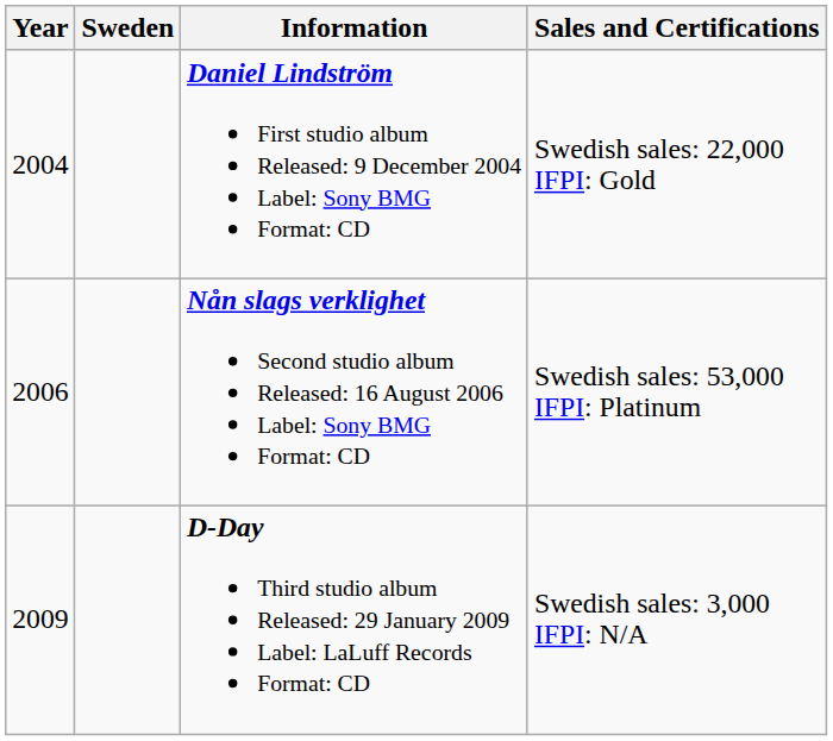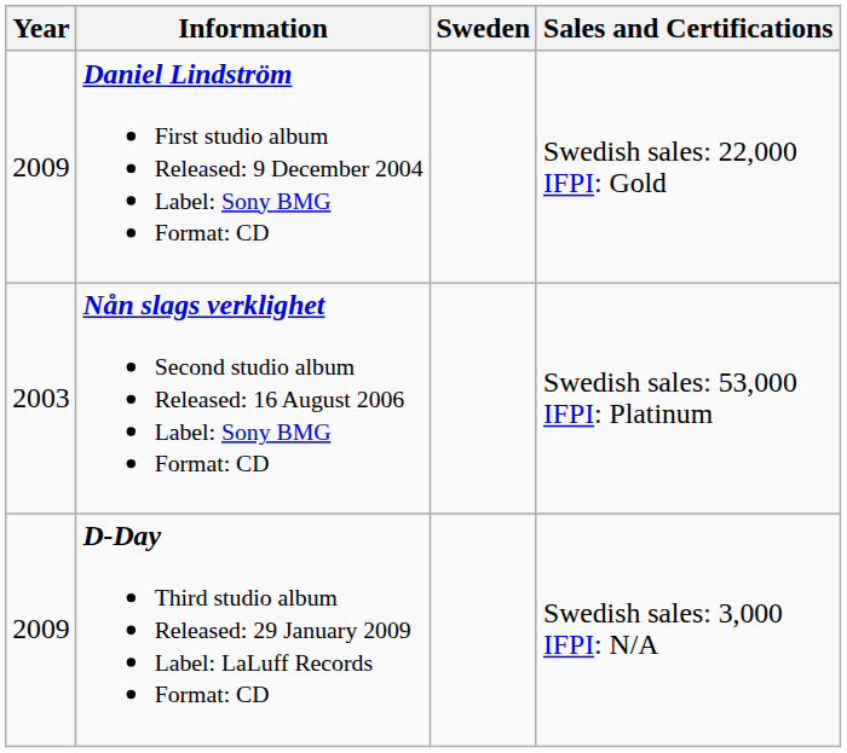 <table class="wikitable">
 <tr>
 <th style="text-align:center;">Year</th>
+<th style="text-align:center;">Information</th>
 <th style="text-align:center;">Sweden</th>
-<th style="text-align:center;">Information</th>
 <th style="text-align:center;">Sales and Certifications</th>
 </tr>
 <tr>
-<td>2004</td>
+<td>2009</td>
+<td><strong><em><a href='#'>Daniel Lindström</a></em></strong><br><ul><li><small>First studio album</small></li><li><small>Released: 9 December 2004</small></li><li><small>Label: <a href='#'>Sony BMG</a></small></li><li><small>Format: CD</small></li></ul></td>
 <td></td>
-<td><strong><em><a href='#'>Daniel Lindström</a></em></strong><br><ul><li><small>First studio album</small></li><li><small>Released: 9 December 2004</small></li><li><small>Label: <a href='#'>Sony BMG</a></small></li><li><small>Format: CD</small></li></ul></td>
 <td>Swedish sales: 22,000<br><a href='#'>IFPI</a>: Gold</td>
 </tr>
 <tr>
-<td>2006</td>
+<td>2003</td>
+<td><strong><em><a href='#'>Nån slags verklighet</a></em></strong><br><ul><li><small>Second studio album</small></li><li><small>Released: 16 August 2006</small></li><li><small>Label: <a href='#'>Sony BMG</a></small></li><li><small>Format: CD</small></li></ul></td>
 <td></td>
-<td><strong><em><a href='#'>Nån slags verklighet</a></em></strong><br><ul><li><small>Second studio album</small></li><li><small>Released: 16 August 2006</small></li><li><small>Label: <a href='#'>Sony BMG</a></small></li><li><small>Format: CD</small></li></ul></td>
 <td>Swedish sales: 53,000<br><a href='#'>IFPI</a>: Platinum</td>
 </tr>
 <tr>
 <td>2009</td>
+<td><strong><em>D-Day</em></strong><br><ul><li><small>Third studio album</small></li><li><small>Released: 29 January 2009</small></li><li><small>Label: LaLuff Records</small></li><li><small>Format: CD</small></li></ul></td>
 <td></td>
-<td><strong><em>D-Day</em></strong><br><ul><li><small>Third studio album</small></li><li><small>Released: 29 January 2009</small></li><li><small>Label: LaLuff Records</small></li><li><small>Format: CD</small></li></ul></td>
 <td>Swedish sales: 3,000<br><a href='#'>IFPI</a>: N/A</td>
 </tr>
 </table>
